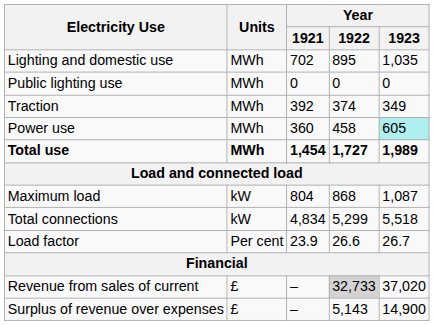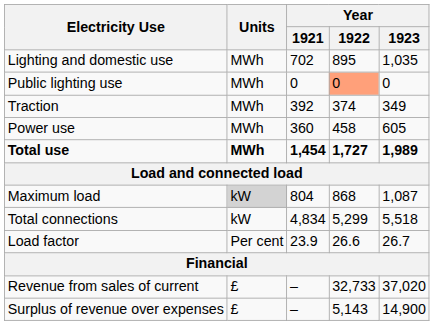 <table class="wikitable">
 <tr>
 <th rowspan="2">Electricity  Use</th>
 <th rowspan="2">Units</th>
 <th colspan="3">Year</th>
 </tr>
 <tr>
 <th>1921</th>
 <th>1922</th>
 <th>1923</th>
 </tr>
 <tr>
 <td>Lighting  and domestic use</td>
 <td>MWh</td>
 <td>702</td>
 <td>895</td>
 <td>1,035</td>
 </tr>
 <tr>
 <td>Public  lighting use</td>
 <td>MWh</td>
 <td>0</td>
-<td>0</td>
+<td style="background: lightsalmon;">0</td>
 <td>0</td>
 </tr>
 <tr>
 <td>Traction</td>
 <td>MWh</td>
 <td>392</td>
 <td>374</td>
 <td>349</td>
 </tr>
 <tr>
 <td>Power  use</td>
 <td>MWh</td>
 <td>360</td>
 <td>458</td>
-<td style="background: paleturquoise;">605</td>
+<td>605</td>
 </tr>
 <tr>
 <td><strong>Total  use</strong></td>
 <td><strong>MWh</strong></td>
 <td><strong>1,454</strong></td>
 <td><strong>1,727</strong></td>
 <td><strong>1,989</strong></td>
 </tr>
 <tr>
 <th colspan="5">Load  and connected load</th>
 </tr>
 <tr>
 <td>Maximum  load</td>
-<td>kW</td>
+<td style="background: lightgrey;">kW</td>
 <td>804</td>
 <td>868</td>
 <td>1,087</td>
 </tr>
 <tr>
 <td>Total  connections</td>
 <td>kW</td>
 <td>4,834</td>
 <td>5,299</td>
 <td>5,518</td>
 </tr>
 <tr>
 <td>Load  factor</td>
 <td>Per  cent</td>
 <td>23.9</td>
 <td>26.6</td>
 <td>26.7</td>
 </tr>
 <tr>
 <th colspan="5">Financial</th>
 </tr>
 <tr>
 <td>Revenue  from sales of current</td>
 <td>£</td>
 <td>–</td>
-<td style="background: lightgrey;">32,733</td>
+<td>32,733</td>
 <td>37,020</td>
 </tr>
 <tr>
 <td>Surplus  of revenue over expenses</td>
 <td>£</td>
 <td>–</td>
 <td>5,143</td>
 <td>14,900</td>
 </tr>
 </table>
